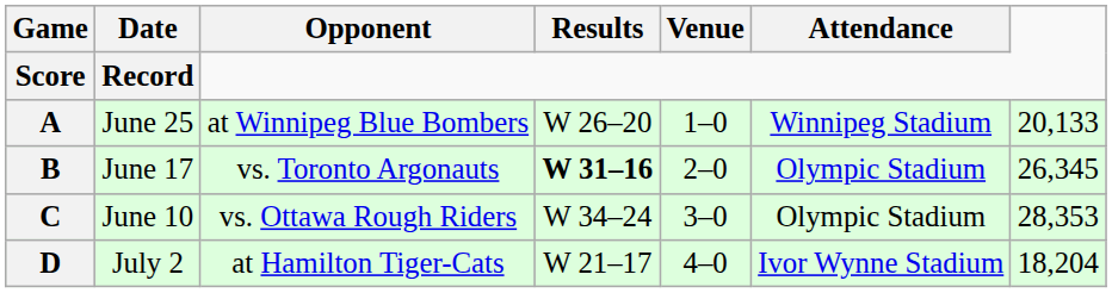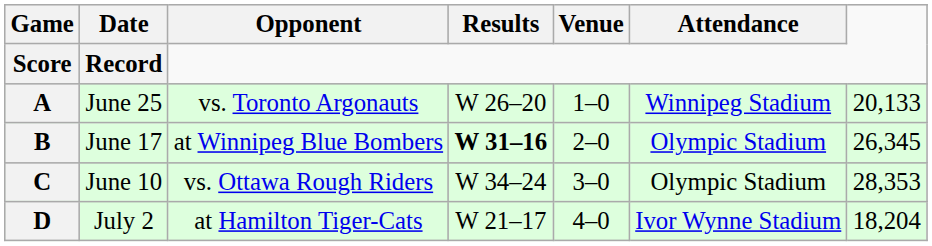 <table class="wikitable" style="text-align:center">
 <tr>
 <th>Game</th>
 <th>Date</th>
 <th>Opponent</th>
 <th>Results</th>
 <th>Venue</th>
 <th>Attendance</th>
 </tr>
 <tr>
 <th>Score</th>
 <th>Record</th>
 </tr>
 <tr style="background:#ddffdd">
 <th>A</th>
 <td>June 25</td>
-<td>at <a href='#'>Winnipeg Blue Bombers</a></td>
+<td>vs. <a href='#'>Toronto Argonauts</a></td>
 <td>W 26–20</td>
 <td>1–0</td>
 <td><a href='#'>Winnipeg Stadium</a></td>
 <td>20,133</td>
 </tr>
 <tr style="background:#ddffdd">
 <th>B</th>
 <td>June 17</td>
-<td>vs. <a href='#'>Toronto Argonauts</a></td>
+<td>at <a href='#'>Winnipeg Blue Bombers</a></td>
 <td><strong>W 31–16</strong></td>
 <td>2–0</td>
 <td><a href='#'>Olympic Stadium</a></td>
 <td>26,345</td>
 </tr>
 <tr style="background:#ddffdd">
 <th>C</th>
 <td>June 10</td>
 <td>vs. <a href='#'>Ottawa Rough Riders</a></td>
 <td>W 34–24</td>
 <td>3–0</td>
 <td>Olympic Stadium</td>
 <td>28,353</td>
 </tr>
 <tr style="background:#ddffdd">
 <th>D</th>
 <td>July 2</td>
 <td>at <a href='#'>Hamilton Tiger-Cats</a></td>
 <td>W 21–17</td>
 <td>4–0</td>
 <td><a href='#'>Ivor Wynne Stadium</a></td>
 <td>18,204</td>
 </tr>
 </table>
